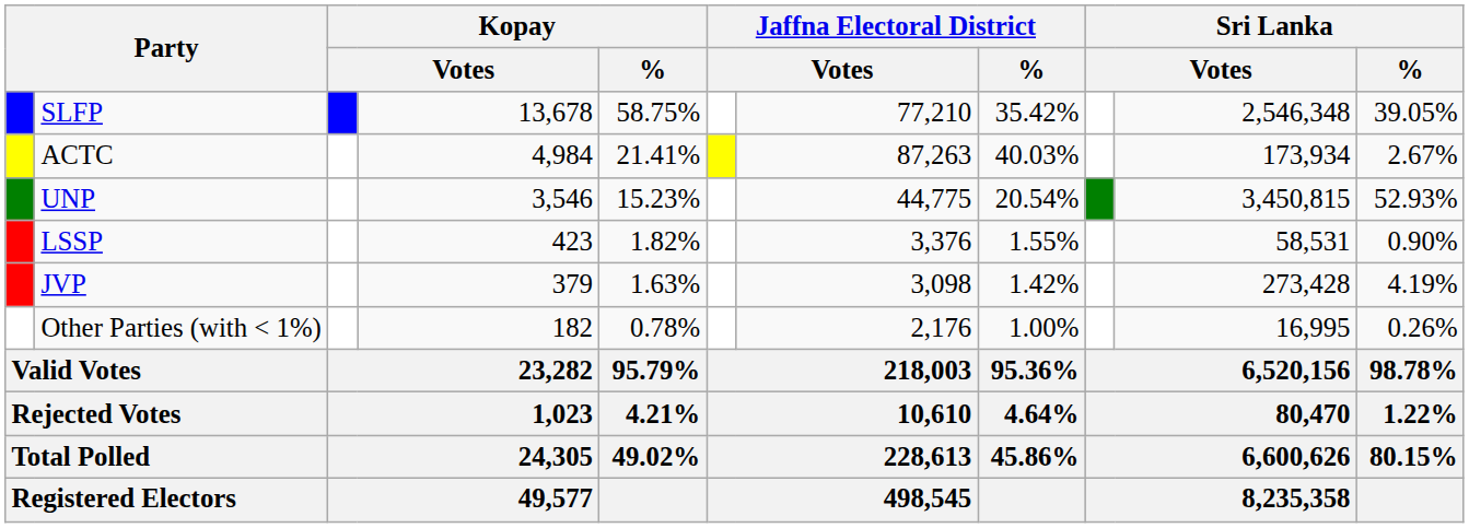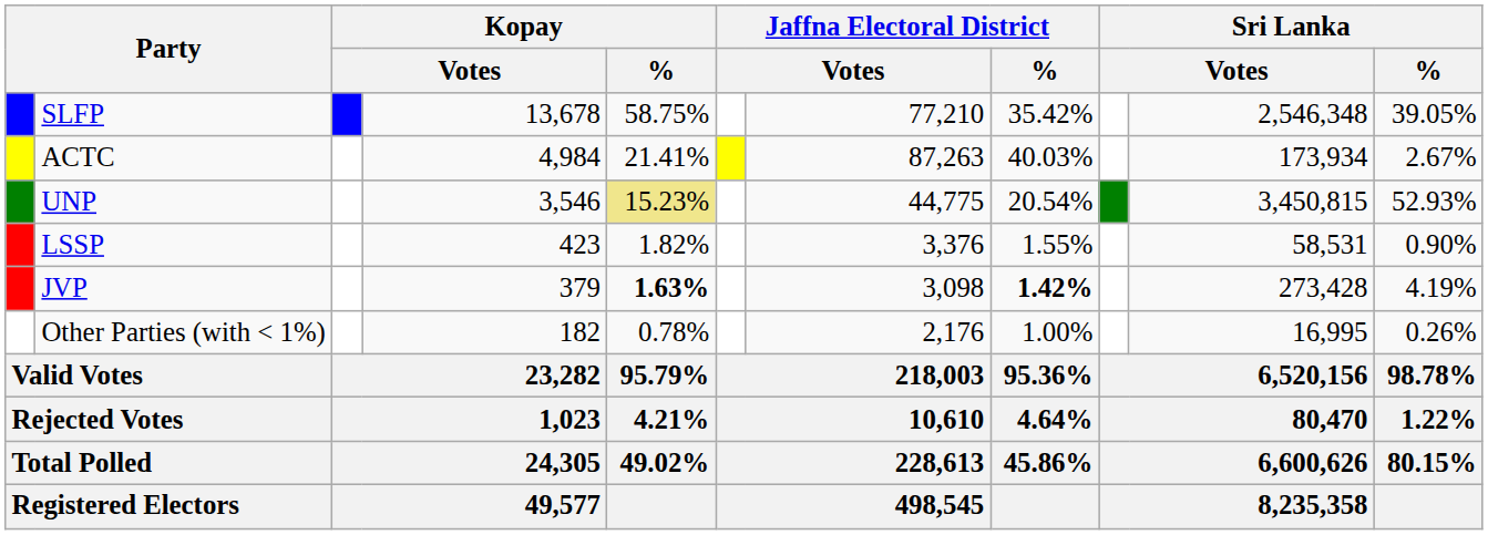 <table class="wikitable">
 <tr>
 <th colspan="2" width="144px"rowspan="2">Party</th>
 <th colspan="3" width="216px">Kopay</th>
 <th colspan="3" width="216px"><a href='#'>Jaffna Electoral District</a></th>
 <th colspan="3" width="216px">Sri Lanka</th>
 </tr>
 <tr>
 <th colspan="2" width="144px">Votes</th>
 <th>%</th>
 <th colspan="2" width="144px">Votes</th>
 <th>%</th>
 <th colspan="2" width="144px">Votes</th>
 <th>%</th>
 </tr>
 <tr>
 <td style="background-color:blue;" width="10px"></td>
 <td style="text-align:left;"><a href='#'>SLFP</a></td>
 <td style="background-color:blue;" width="10px"></td>
 <td style="text-align:right;">13,678</td>
 <td style="text-align:right;">58.75%</td>
 <td style="background-color:white;" width="10px"></td>
 <td style="text-align:right;">77,210</td>
 <td style="text-align:right;">35.42%</td>
 <td style="background-color:white;" width="10px"></td>
 <td style="text-align:right;">2,546,348</td>
 <td style="text-align:right;">39.05%</td>
 </tr>
 <tr>
 <td style="background-color:yellow;" width="10px"></td>
 <td style="text-align:left;">ACTC</td>
 <td style="background-color:white;" width="10px"></td>
 <td style="text-align:right;">4,984</td>
 <td style="text-align:right;">21.41%</td>
 <td style="background-color:yellow;" width="10px"></td>
 <td style="text-align:right;">87,263</td>
 <td style="text-align:right;">40.03%</td>
 <td style="background-color:white;" width="10px"></td>
 <td style="text-align:right;">173,934</td>
 <td style="text-align:right;">2.67%</td>
 </tr>
 <tr>
 <td style="background-color:green;" width="10px"></td>
 <td style="text-align:left;"><a href='#'>UNP</a></td>
 <td style="background-color:white;" width="10px"></td>
 <td style="text-align:right;">3,546</td>
-<td style="text-align:right;">15.23%</td>
+<td style="background: khaki; text-align:right;">15.23%</td>
 <td style="background-color:white;" width="10px"></td>
 <td style="text-align:right;">44,775</td>
 <td style="text-align:right;">20.54%</td>
 <td style="background-color:green;" width="10px"></td>
 <td style="text-align:right;">3,450,815</td>
 <td style="text-align:right;">52.93%</td>
 </tr>
 <tr>
 <td style="background-color:red;" width="10px"></td>
 <td style="text-align:left;"><a href='#'>LSSP</a></td>
 <td style="background-color:white;" width="10px"></td>
 <td style="text-align:right;">423</td>
 <td style="text-align:right;">1.82%</td>
 <td style="background-color:white;" width="10px"></td>
 <td style="text-align:right;">3,376</td>
 <td style="text-align:right;">1.55%</td>
 <td style="background-color:white;" width="10px"></td>
 <td style="text-align:right;">58,531</td>
 <td style="text-align:right;">0.90%</td>
 </tr>
 <tr>
 <td style="background-color:red;" width="10px"></td>
 <td style="text-align:left;"><a href='#'>JVP</a></td>
 <td style="background-color:white;" width="10px"></td>
 <td style="text-align:right;">379</td>
-<td style="text-align:right;">1.63%</td>
+<td style="text-align:right;"><strong>1.63%</strong></td>
 <td style="background-color:white;" width="10px"></td>
 <td style="text-align:right;">3,098</td>
-<td style="text-align:right;">1.42%</td>
+<td style="text-align:right;"><strong>1.42%</strong></td>
 <td style="background-color:white;" width="10px"></td>
 <td style="text-align:right;">273,428</td>
 <td style="text-align:right;">4.19%</td>
 </tr>
 <tr>
 <td style="background-color:white;" width="10px"></td>
 <td style="text-align:left;">Other Parties (with < 1%)</td>
 <td style="background-color:white;" width="10px"></td>
 <td style="text-align:right;">182</td>
 <td style="text-align:right;">0.78%</td>
 <td style="background-color:white;" width="10px"></td>
 <td style="text-align:right;">2,176</td>
 <td style="text-align:right;">1.00%</td>
 <td style="background-color:white;" width="10px"></td>
 <td style="text-align:right;">16,995</td>
 <td style="text-align:right;">0.26%</td>
 </tr>
 <tr>
 <th colspan="2" width="144px"style="text-align:left;">Valid Votes</th>
 <th style="text-align:right;"colspan="2" width="144px">23,282</th>
 <th style="text-align:right;">95.79%</th>
 <th style="text-align:right;"colspan="2" width="144px">218,003</th>
 <th style="text-align:right;">95.36%</th>
 <th style="text-align:right;"colspan="2" width="144px">6,520,156</th>
 <th style="text-align:right;">98.78%</th>
 </tr>
 <tr>
 <th colspan="2" width="144px"style="text-align:left;">Rejected Votes</th>
 <th style="text-align:right;"colspan="2" width="144px">1,023</th>
 <th style="text-align:right;">4.21%</th>
 <th style="text-align:right;"colspan="2" width="144px">10,610</th>
 <th style="text-align:right;">4.64%</th>
 <th style="text-align:right;"colspan="2" width="144px">80,470</th>
 <th style="text-align:right;">1.22%</th>
 </tr>
 <tr>
 <th colspan="2" width="144px"style="text-align:left;">Total Polled</th>
 <th style="text-align:right;"colspan="2" width="144px">24,305</th>
 <th style="text-align:right;">49.02%</th>
 <th style="text-align:right;"colspan="2" width="144px">228,613</th>
 <th style="text-align:right;">45.86%</th>
 <th style="text-align:right;"colspan="2" width="144px">6,600,626</th>
 <th style="text-align:right;">80.15%</th>
 </tr>
 <tr>
 <th colspan="2" width="144px"style="text-align:left;">Registered Electors</th>
 <th style="text-align:right;"colspan="2" width="144px">49,577</th>
 <th></th>
 <th style="text-align:right;"colspan="2" width="144px">498,545</th>
 <th></th>
 <th style="text-align:right;"colspan="2" width="144px">8,235,358</th>
 <th></th>
 </tr>
 </table>
